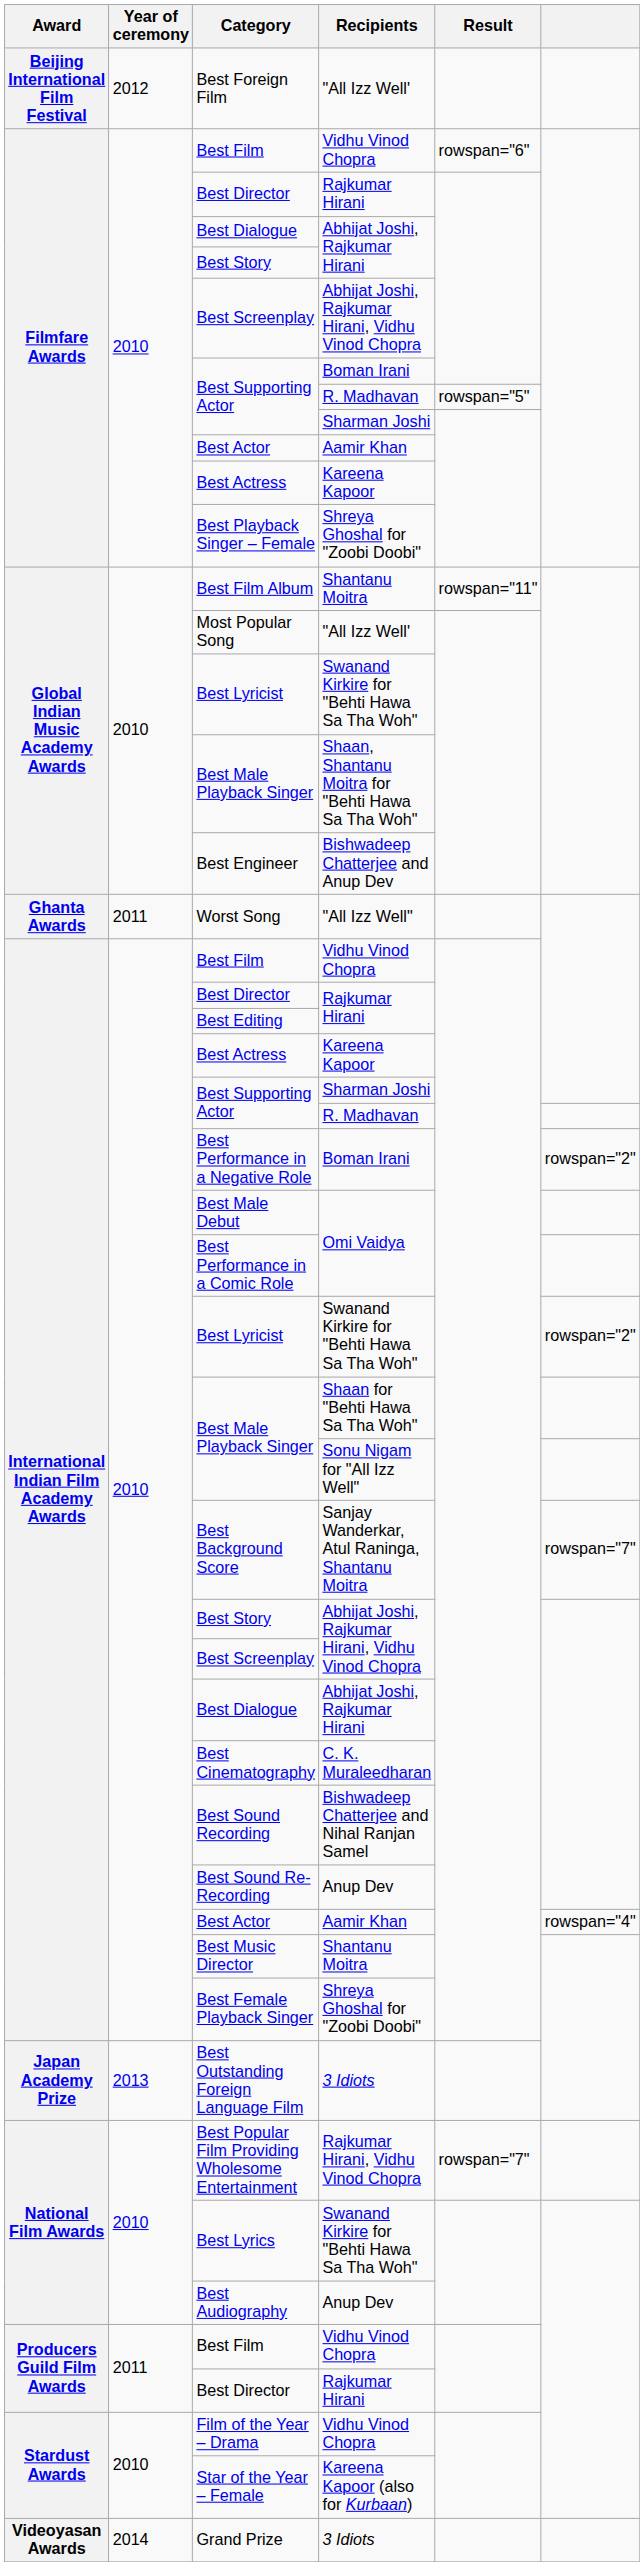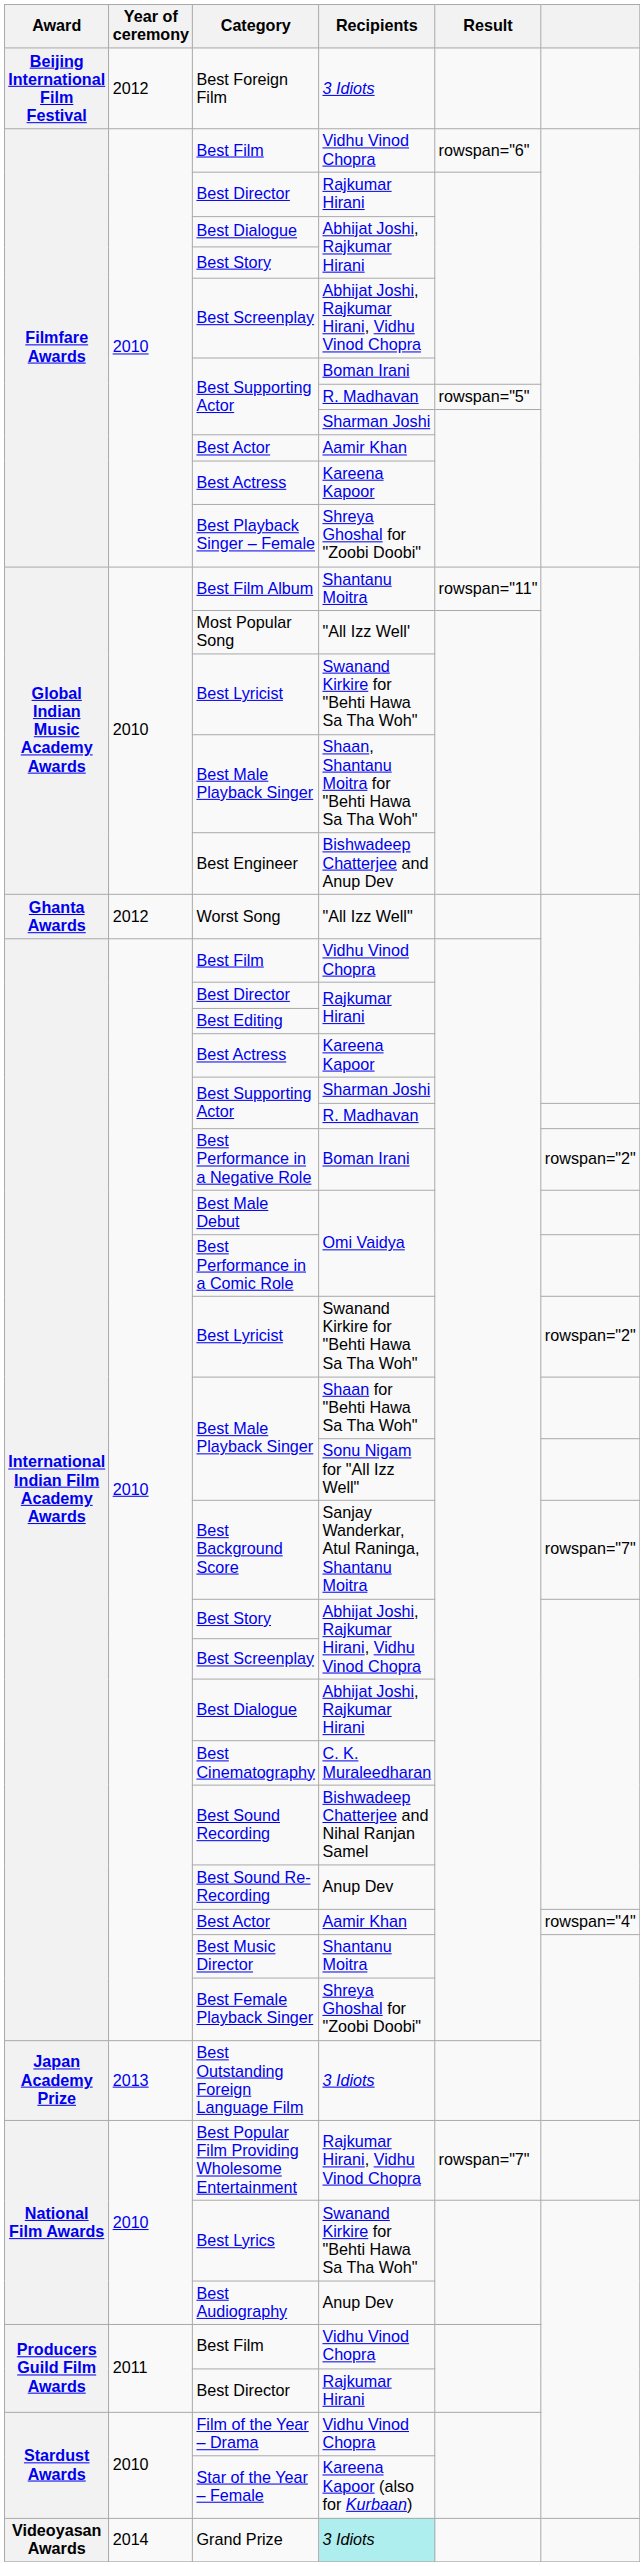 <table class="wikitable sortable plainrowheaders">
 <tr>
 <th scope="col">Award</th>
 <th scope="col">Year of<br> ceremony</th>
 <th scope="col">Category</th>
 <th scope="col">Recipients</th>
 <th scope="col">Result</th>
 <th scope="col" class="unsortable"></th>
 </tr>
 <tr>
 <th scope="row"><a href='#'>Beijing International Film Festival</a></th>
 <td>2012</td>
 <td>Best Foreign Film</td>
-<td>"All Izz Well'</td>
+<td><em><a href='#'>3 Idiots</a></em></td>
 <td></td>
 <td style="text-align:center;"></td>
 </tr>
 <tr>
 <th rowspan="11" scope="row"><a href='#'>Filmfare Awards</a></th>
 <td rowspan="11"><a href='#'>2010</a></td>
 <td><a href='#'>Best Film</a></td>
 <td><a href='#'>Vidhu Vinod Chopra</a></td>
 <td>rowspan="6"</td>
 <td rowspan="11" style="text-align:center;"><br><br></td>
 </tr>
 <tr>
 <td><a href='#'>Best Director</a></td>
 <td><a href='#'>Rajkumar Hirani</a></td>
 </tr>
 <tr>
 <td><a href='#'>Best Dialogue</a></td>
 <td rowspan="2"><a href='#'>Abhijat Joshi</a>, <a href='#'>Rajkumar Hirani</a></td>
 </tr>
 <tr>
 <td><a href='#'>Best Story</a></td>
 </tr>
 <tr>
 <td><a href='#'>Best Screenplay</a></td>
 <td><a href='#'>Abhijat Joshi</a>, <a href='#'>Rajkumar Hirani</a>, <a href='#'>Vidhu Vinod Chopra</a></td>
 </tr>
 <tr>
 <td rowspan="3"><a href='#'>Best Supporting Actor</a></td>
 <td><a href='#'>Boman Irani</a></td>
 </tr>
 <tr>
 <td><a href='#'>R. Madhavan</a></td>
 <td>rowspan="5"</td>
 </tr>
 <tr>
 <td><a href='#'>Sharman Joshi</a></td>
 </tr>
 <tr>
 <td><a href='#'>Best Actor</a></td>
 <td><a href='#'>Aamir Khan</a></td>
 </tr>
 <tr>
 <td><a href='#'>Best Actress</a></td>
 <td><a href='#'>Kareena Kapoor</a></td>
 </tr>
 <tr>
 <td><a href='#'>Best Playback Singer – Female</a></td>
 <td><a href='#'>Shreya Ghoshal</a> for "Zoobi Doobi"</td>
 </tr>
 <tr>
 <th rowspan="5" scope="row"><a href='#'>Global Indian Music Academy Awards</a></th>
 <td rowspan="5">2010</td>
 <td><a href='#'>Best Film Album</a></td>
 <td><a href='#'>Shantanu Moitra</a></td>
 <td>rowspan="11"</td>
 <td rowspan="5" style="text-align:center;"></td>
 </tr>
 <tr>
 <td>Most Popular Song</td>
 <td>"All Izz Well'</td>
 </tr>
 <tr>
 <td><a href='#'>Best Lyricist</a></td>
 <td><a href='#'>Swanand Kirkire</a> for "Behti Hawa Sa Tha Woh"</td>
 </tr>
 <tr>
 <td><a href='#'>Best Male Playback Singer</a></td>
 <td><a href='#'>Shaan</a>, <a href='#'>Shantanu Moitra</a> for "Behti Hawa Sa Tha Woh"</td>
 </tr>
 <tr>
 <td>Best Engineer</td>
 <td><a href='#'>Bishwadeep Chatterjee</a> and Anup Dev</td>
 </tr>
 <tr>
 <th scope="row"><a href='#'>Ghanta Awards</a></th>
-<td>2011</td>
+<td>2012</td>
 <td>Worst Song</td>
 <td>"All Izz Well"</td>
 <td style="text-align:center;"></td>
 </tr>
 <tr>
 <th rowspan="22" scope="row"><a href='#'>International Indian Film Academy Awards</a></th>
 <td rowspan="22"><a href='#'>2010</a></td>
 <td><a href='#'>Best Film</a></td>
 <td><a href='#'>Vidhu Vinod Chopra</a></td>
 <td rowspan="22" style="text-align:center;"></td>
 </tr>
 <tr>
 <td><a href='#'>Best Director</a></td>
 <td rowspan="2"><a href='#'>Rajkumar Hirani</a></td>
 </tr>
 <tr>
 <td><a href='#'>Best Editing</a></td>
 </tr>
 <tr>
 <td><a href='#'>Best Actress</a></td>
 <td><a href='#'>Kareena Kapoor</a></td>
 </tr>
 <tr>
 <td rowspan="2"><a href='#'>Best Supporting Actor</a></td>
 <td><a href='#'>Sharman Joshi</a></td>
 </tr>
 <tr>
 <td><a href='#'>R. Madhavan</a></td>
 <td></td>
 </tr>
 <tr>
 <td><a href='#'>Best Performance in a Negative Role</a></td>
 <td><a href='#'>Boman Irani</a></td>
 <td>rowspan="2"</td>
 </tr>
 <tr>
 <td><a href='#'>Best Male Debut</a></td>
 <td rowspan="2"><a href='#'>Omi Vaidya</a></td>
 </tr>
 <tr>
 <td><a href='#'>Best Performance in a Comic Role</a></td>
 <td></td>
 </tr>
 <tr>
 <td><a href='#'>Best Lyricist</a></td>
 <td>Swanand Kirkire for "Behti Hawa Sa Tha Woh"</td>
 <td>rowspan="2"</td>
 </tr>
 <tr>
 <td rowspan="2"><a href='#'>Best Male Playback Singer</a></td>
 <td><a href='#'>Shaan</a> for "Behti Hawa Sa Tha Woh"</td>
 </tr>
 <tr>
 <td><a href='#'>Sonu Nigam</a> for "All Izz Well"</td>
 <td></td>
 </tr>
 <tr>
 <td><a href='#'>Best Background Score</a></td>
 <td>Sanjay Wanderkar, Atul Raninga, <a href='#'>Shantanu Moitra</a></td>
 <td>rowspan="7"</td>
 </tr>
 <tr>
 <td><a href='#'>Best Story</a></td>
 <td rowspan="2"><a href='#'>Abhijat Joshi</a>, <a href='#'>Rajkumar Hirani</a>, <a href='#'>Vidhu Vinod Chopra</a></td>
 </tr>
 <tr>
 <td><a href='#'>Best Screenplay</a></td>
 </tr>
 <tr>
 <td><a href='#'>Best Dialogue</a></td>
 <td><a href='#'>Abhijat Joshi</a>, <a href='#'>Rajkumar Hirani</a></td>
 </tr>
 <tr>
 <td><a href='#'>Best Cinematography</a></td>
 <td><a href='#'>C. K. Muraleedharan</a></td>
 </tr>
 <tr>
 <td><a href='#'>Best Sound Recording</a></td>
 <td><a href='#'>Bishwadeep Chatterjee</a> and Nihal Ranjan Samel</td>
 </tr>
 <tr>
 <td><a href='#'>Best Sound Re-Recording</a></td>
 <td>Anup Dev</td>
 </tr>
 <tr>
 <td><a href='#'>Best Actor</a></td>
 <td><a href='#'>Aamir Khan</a></td>
 <td>rowspan="4"</td>
 </tr>
 <tr>
 <td><a href='#'>Best Music Director</a></td>
 <td><a href='#'>Shantanu Moitra</a></td>
 </tr>
 <tr>
 <td><a href='#'>Best Female Playback Singer</a></td>
 <td><a href='#'>Shreya Ghoshal</a> for  "Zoobi Doobi"</td>
 </tr>
 <tr>
 <th scope="row"><a href='#'>Japan Academy Prize</a></th>
 <td><a href='#'>2013</a></td>
 <td><a href='#'>Best Outstanding Foreign Language Film</a></td>
 <td><em><a href='#'>3 Idiots</a></em></td>
 <td style="text-align:center;"></td>
 </tr>
 <tr>
 <th rowspan="3" scope="row"><a href='#'>National Film Awards</a></th>
 <td rowspan="3"><a href='#'>2010</a></td>
 <td><a href='#'>Best Popular Film Providing Wholesome Entertainment</a></td>
 <td><a href='#'>Rajkumar Hirani</a>, <a href='#'>Vidhu Vinod Chopra</a></td>
 <td>rowspan="7"</td>
 <td style="text-align:center;"></td>
 </tr>
 <tr>
 <td><a href='#'>Best Lyrics</a></td>
 <td><a href='#'>Swanand Kirkire</a> for "Behti Hawa Sa Tha Woh"</td>
 <td rowspan="2" style="text-align:center;"></td>
 </tr>
 <tr>
 <td><a href='#'>Best Audiography</a></td>
 <td>Anup Dev</td>
 </tr>
 <tr>
 <th rowspan="2" scope="row"><a href='#'>Producers Guild Film Awards</a></th>
 <td rowspan="2">2011</td>
 <td>Best Film</td>
 <td><a href='#'>Vidhu Vinod Chopra</a></td>
 <td rowspan="2" style="text-align:center;"></td>
 </tr>
 <tr>
 <td>Best Director</td>
 <td><a href='#'>Rajkumar Hirani</a></td>
 </tr>
 <tr>
 <th rowspan="2" scope="row"><a href='#'>Stardust Awards</a></th>
 <td rowspan="2">2010</td>
 <td><a href='#'>Film of the Year – Drama</a></td>
 <td><a href='#'>Vidhu Vinod Chopra</a></td>
 <td rowspan="2" style="text-align:center;"></td>
 </tr>
 <tr>
 <td><a href='#'>Star of the Year – Female</a></td>
 <td><a href='#'>Kareena Kapoor</a> (also for <a href='#'><em>Kurbaan</em></a>)</td>
 </tr>
 <tr>
 <th scope="row">Videoyasan Awards</th>
 <td>2014</td>
 <td>Grand Prize</td>
-<td><em>3 Idiots</em></td>
+<td style="background: paleturquoise;"><em>3 Idiots</em></td>
 <td></td>
 <td></td>
 </tr>
 </table>
